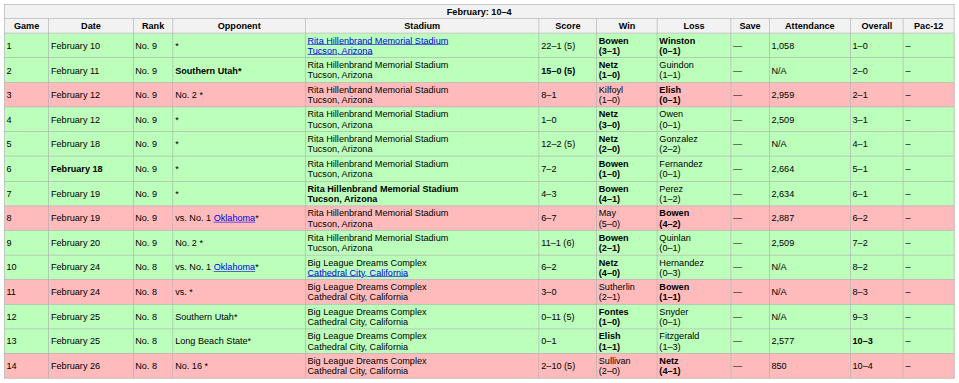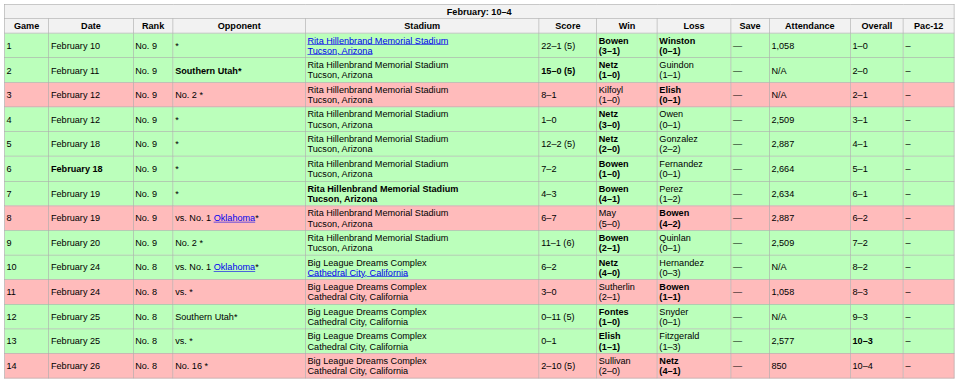 <table class="wikitable collapsible collapsed" style="margin:auto; font-size:95%; width:100%">
 <tr>
 <th colspan=12>February: 10–4</th>
 </tr>
 <tr>
 <th>Game</th>
 <th>Date</th>
 <th>Rank</th>
 <th>Opponent</th>
 <th>Stadium</th>
 <th>Score</th>
 <th>Win</th>
 <th>Loss</th>
 <th>Save</th>
 <th>Attendance</th>
 <th>Overall</th>
 <th>Pac-12</th>
 </tr>
 <tr style="background:#bfb;">
 <td>1</td>
 <td>February 10</td>
 <td>No. 9</td>
 <td>*</td>
 <td><a href='#'>Rita Hillenbrand Memorial Stadium</a><br><a href='#'>Tucson, Arizona</a></td>
 <td>22–1 (5)</td>
 <td><strong>Bowen<br>(3–1)</strong></td>
 <td><strong>Winston<br>(0–1)</strong></td>
 <td>—</td>
 <td>1,058</td>
 <td>1–0</td>
 <td>–</td>
 </tr>
 <tr style="background:#bfb;">
 <td>2</td>
 <td>February 11</td>
 <td>No. 9</td>
 <td><strong>Southern Utah*</strong></td>
 <td>Rita Hillenbrand Memorial Stadium<br>Tucson, Arizona</td>
 <td><strong>15–0 (5)</strong></td>
 <td><strong>Netz<br>(1–0)</strong></td>
 <td>Guindon<br>(1–1)</td>
 <td>—</td>
 <td>N/A</td>
 <td>2–0</td>
 <td>–</td>
 </tr>
 <tr style="background:#fbb;">
 <td>3</td>
 <td>February 12</td>
 <td>No. 9</td>
 <td>No. 2 *</td>
 <td>Rita Hillenbrand Memorial Stadium<br>Tucson, Arizona</td>
 <td>8–1</td>
 <td>Kilfoyl<br>(1–0)</td>
 <td><strong>Elish<br>(0–1)</strong></td>
 <td>—</td>
-<td>2,959</td>
+<td>N/A</td>
 <td>2–1</td>
 <td>–</td>
 </tr>
 <tr style="background:#bfb;">
 <td>4</td>
 <td>February 12</td>
 <td>No. 9</td>
 <td>*</td>
 <td>Rita Hillenbrand Memorial Stadium<br>Tucson, Arizona</td>
 <td>1–0</td>
 <td><strong>Netz<br>(3–0)</strong></td>
 <td>Owen<br>(0–1)</td>
 <td>—</td>
 <td>2,509</td>
 <td>3–1</td>
 <td>–</td>
 </tr>
 <tr style="background:#bfb;">
 <td>5</td>
 <td>February 18</td>
 <td>No. 9</td>
 <td>*</td>
 <td>Rita Hillenbrand Memorial Stadium<br>Tucson, Arizona</td>
 <td>12–2 (5)</td>
 <td><strong>Netz<br>(2–0)</strong></td>
 <td>Gonzalez<br>(2–2)</td>
 <td>—</td>
-<td>N/A</td>
+<td>2,887</td>
 <td>4–1</td>
 <td>–</td>
 </tr>
 <tr style="background:#bfb;">
 <td>6</td>
 <td><strong>February 18</strong></td>
 <td>No. 9</td>
 <td>*</td>
 <td>Rita Hillenbrand Memorial Stadium<br>Tucson, Arizona</td>
 <td>7–2</td>
 <td><strong>Bowen<br>(1–0)</strong></td>
 <td>Fernandez<br>(0–1)</td>
 <td>—</td>
 <td>2,664</td>
 <td>5–1</td>
 <td>–</td>
 </tr>
 <tr style="background:#bfb;">
 <td>7</td>
 <td>February 19</td>
 <td>No. 9</td>
 <td>*</td>
 <td><strong>Rita Hillenbrand Memorial Stadium<br>Tucson, Arizona</strong></td>
 <td>4–3</td>
 <td><strong>Bowen<br>(4–1)</strong></td>
 <td>Perez<br>(1–2)</td>
 <td>—</td>
 <td>2,634</td>
 <td>6–1</td>
 <td>–</td>
 </tr>
 <tr style="background:#fbb;">
 <td>8</td>
 <td>February 19</td>
 <td>No. 9</td>
 <td>vs. No. 1 <a href='#'>Oklahoma</a>*</td>
 <td>Rita Hillenbrand Memorial Stadium<br>Tucson, Arizona</td>
 <td>6–7</td>
 <td>May<br>(5–0)</td>
 <td><strong>Bowen<br>(4–2)</strong></td>
 <td>—</td>
 <td>2,887</td>
 <td>6–2</td>
 <td>–</td>
 </tr>
 <tr style="background:#bfb;">
 <td>9</td>
 <td>February 20</td>
 <td>No. 9</td>
 <td>No. 2 *</td>
 <td>Rita Hillenbrand Memorial Stadium<br>Tucson, Arizona</td>
 <td>11–1 (6)</td>
 <td><strong>Bowen<br>(2–1)</strong></td>
 <td>Quinlan<br>(0–1)</td>
 <td>—</td>
 <td>2,509</td>
 <td>7–2</td>
 <td>–</td>
 </tr>
 <tr style="background:#bfb;">
 <td>10</td>
 <td>February 24</td>
 <td>No. 8</td>
 <td>vs. No. 1 <a href='#'>Oklahoma</a>*</td>
 <td>Big League Dreams Complex<br><a href='#'>Cathedral City, California</a></td>
 <td>6–2</td>
 <td><strong>Netz<br>(4–0)</strong></td>
 <td>Hernandez<br>(0–3)</td>
 <td>—</td>
 <td>N/A</td>
 <td>8–2</td>
 <td>–</td>
 </tr>
 <tr style="background:#fbb;">
 <td>11</td>
 <td>February 24</td>
 <td>No. 8</td>
 <td>vs. *</td>
 <td>Big League Dreams Complex<br>Cathedral City, California</td>
 <td>3–0</td>
 <td>Sutherlin<br>(2–1)</td>
 <td><strong>Bowen<br>(1–1)</strong></td>
 <td>—</td>
-<td>N/A</td>
+<td>1,058</td>
 <td>8–3</td>
 <td>–</td>
 </tr>
 <tr style="background:#bfb;">
 <td>12</td>
 <td>February 25</td>
 <td>No. 8</td>
 <td>Southern Utah*</td>
 <td>Big League Dreams Complex<br>Cathedral City, California</td>
 <td>0–11 (5)</td>
 <td><strong>Fontes<br>(1–0)</strong></td>
 <td>Snyder<br>(0–1)</td>
 <td>—</td>
 <td>N/A</td>
 <td>9–3</td>
 <td>–</td>
 </tr>
 <tr style="background:#bfb;">
 <td>13</td>
 <td>February 25</td>
 <td>No. 8</td>
-<td>Long Beach State*</td>
+<td>vs. *</td>
 <td>Big League Dreams Complex<br>Cathedral City, California</td>
 <td>0–1</td>
 <td><strong>Elish<br>(1–1)</strong></td>
 <td>Fitzgerald<br>(1–3)</td>
 <td>—</td>
 <td>2,577</td>
 <td><strong>10–3</strong></td>
 <td>–</td>
 </tr>
 <tr style="background:#fbb;">
 <td>14</td>
 <td>February 26</td>
 <td>No. 8</td>
 <td>No. 16 *</td>
 <td>Big League Dreams Complex<br>Cathedral City, California</td>
 <td>2–10 (5)</td>
 <td>Sullivan<br>(2–0)</td>
 <td><strong>Netz<br>(4–1)</strong></td>
 <td>—</td>
 <td>850</td>
 <td>10–4</td>
 <td>–</td>
 </tr>
 </table>
